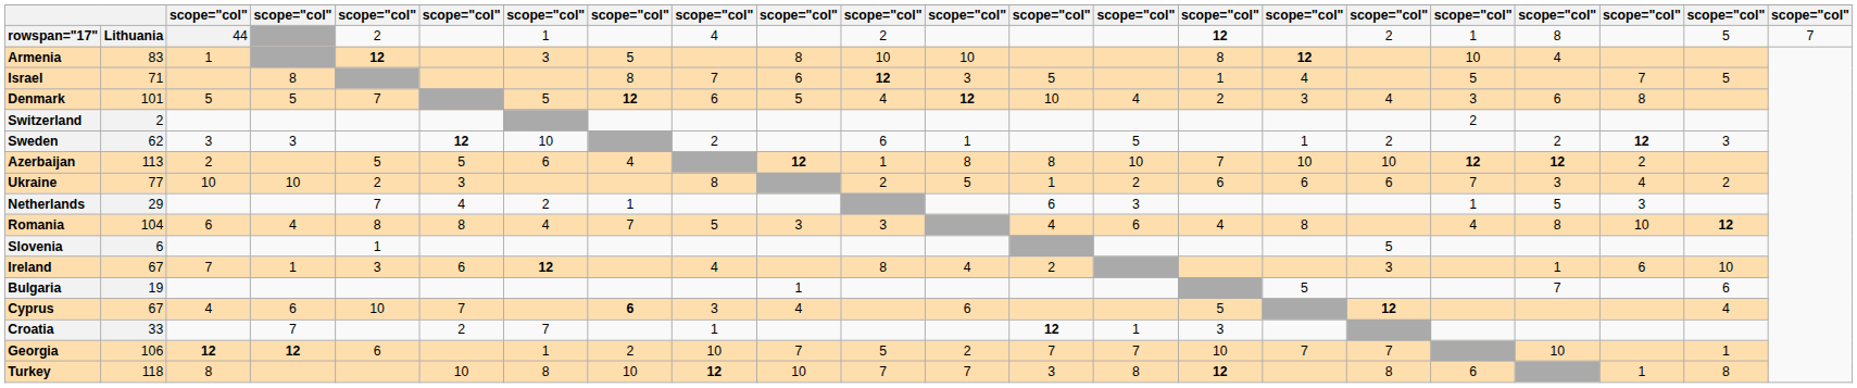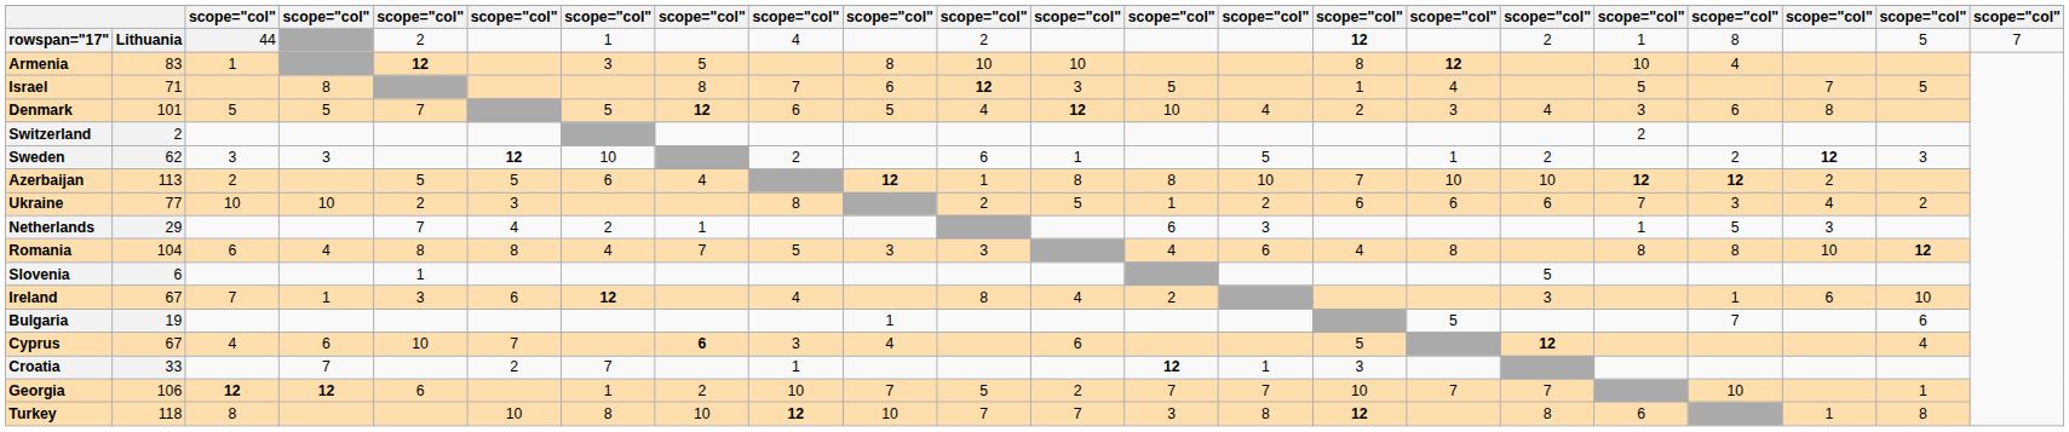 <table class="wikitable plainrowheaders" style="text-align:center; font-size:85%;">
 <tr>
 </tr>
 <tr>
 <th colspan="2"></th>
 <th>scope="col" </th>
 <th>scope="col" </th>
 <th>scope="col" </th>
 <th>scope="col" </th>
 <th>scope="col" </th>
 <th>scope="col" </th>
 <th>scope="col" </th>
 <th>scope="col" </th>
 <th>scope="col" </th>
 <th>scope="col" </th>
 <th>scope="col" </th>
 <th>scope="col" </th>
 <th>scope="col" </th>
 <th>scope="col" </th>
 <th>scope="col" </th>
 <th>scope="col" </th>
 <th>scope="col" </th>
 <th>scope="col" </th>
 <th>scope="col" </th>
 <th>scope="col" </th>
 </tr>
 <tr>
 <th>rowspan="17" </th>
 <th scope="row" style="text-align:left; background:#f2f2f2;">Lithuania</th>
 <td style="text-align:right; background:#f2f2f2;">44</td>
 <td style="text-align:left; background:#aaa;"></td>
 <td>2</td>
 <td></td>
 <td>1</td>
 <td></td>
 <td>4</td>
 <td></td>
 <td>2</td>
 <td></td>
 <td></td>
 <td></td>
 <td><strong>12</strong></td>
 <td></td>
 <td>2</td>
 <td>1</td>
 <td>8</td>
 <td></td>
 <td>5</td>
 <td>7</td>
 </tr>
 <tr style="background:#ffdead;">
 <th scope="row" style="text-align:left; font-weight:bold; background:#ffdead;">Armenia</th>
 <td style="text-align:right;">83</td>
 <td>1</td>
 <td style="text-align:left; background:#aaa;"></td>
 <td><strong>12</strong></td>
 <td></td>
 <td>3</td>
 <td>5</td>
 <td></td>
 <td>8</td>
 <td>10</td>
 <td>10</td>
 <td></td>
 <td></td>
 <td>8</td>
 <td><strong>12</strong></td>
 <td></td>
 <td>10</td>
 <td>4</td>
 <td></td>
 <td></td>
 </tr>
 <tr style="background:#ffdead;">
 <th scope="row" style="text-align:left; font-weight:bold; background:#ffdead;">Israel</th>
 <td style="text-align:right;">71</td>
 <td></td>
 <td>8</td>
 <td style="text-align:left; background:#aaa;"></td>
 <td></td>
 <td></td>
 <td>8</td>
 <td>7</td>
 <td>6</td>
 <td><strong>12</strong></td>
 <td>3</td>
 <td>5</td>
 <td></td>
 <td>1</td>
 <td>4</td>
 <td></td>
 <td>5</td>
 <td></td>
 <td>7</td>
 <td>5</td>
 </tr>
 <tr style="background:#ffdead;">
 <th scope="row" style="text-align:left; font-weight:bold; background:#ffdead;">Denmark</th>
 <td style="text-align:right;">101</td>
 <td>5</td>
 <td>5</td>
 <td>7</td>
 <td style="text-align:left; background:#aaa;"></td>
 <td>5</td>
 <td><strong>12</strong></td>
 <td>6</td>
 <td>5</td>
 <td>4</td>
 <td><strong>12</strong></td>
 <td>10</td>
 <td>4</td>
 <td>2</td>
 <td>3</td>
 <td>4</td>
 <td>3</td>
 <td>6</td>
 <td>8</td>
 <td></td>
 </tr>
 <tr>
 <th scope="row" style="text-align:left; background:#f2f2f2;">Switzerland</th>
 <td style="text-align:right; background:#f2f2f2;">2</td>
 <td></td>
 <td></td>
 <td></td>
 <td></td>
 <td style="text-align:left; background:#aaa;"></td>
 <td></td>
 <td></td>
 <td></td>
 <td></td>
 <td></td>
 <td></td>
 <td></td>
 <td></td>
 <td></td>
 <td></td>
 <td>2</td>
 <td></td>
 <td></td>
 <td></td>
 </tr>
 <tr>
 <th scope="row" style="text-align:left; background:#f2f2f2;">Sweden</th>
 <td style="text-align:right; background:#f2f2f2;">62</td>
 <td>3</td>
 <td>3</td>
 <td></td>
 <td><strong>12</strong></td>
 <td>10</td>
 <td style="text-align:left; background:#aaa;"></td>
 <td>2</td>
 <td></td>
 <td>6</td>
 <td>1</td>
 <td></td>
 <td>5</td>
 <td></td>
 <td>1</td>
 <td>2</td>
 <td></td>
 <td>2</td>
 <td><strong>12</strong></td>
 <td>3</td>
 </tr>
 <tr style="background:#ffdead;">
 <th scope="row" style="text-align:left; font-weight:bold; background:#ffdead;">Azerbaijan</th>
 <td style="text-align:right;">113</td>
 <td>2</td>
 <td></td>
 <td>5</td>
 <td>5</td>
 <td>6</td>
 <td>4</td>
 <td style="text-align:left; background:#aaa;"></td>
 <td><strong>12</strong></td>
 <td>1</td>
 <td>8</td>
 <td>8</td>
 <td>10</td>
 <td>7</td>
 <td>10</td>
 <td>10</td>
 <td><strong>12</strong></td>
 <td><strong>12</strong></td>
 <td>2</td>
 <td></td>
 </tr>
 <tr style="background:#ffdead;">
 <th scope="row" style="text-align:left; font-weight:bold; background:#ffdead;">Ukraine</th>
 <td style="text-align:right;">77</td>
 <td>10</td>
 <td>10</td>
 <td>2</td>
 <td>3</td>
 <td></td>
 <td></td>
 <td>8</td>
 <td style="text-align:left; background:#aaa;"></td>
 <td>2</td>
 <td>5</td>
 <td>1</td>
 <td>2</td>
 <td>6</td>
 <td>6</td>
 <td>6</td>
 <td>7</td>
 <td>3</td>
 <td>4</td>
 <td>2</td>
 </tr>
 <tr>
 <th scope="row" style="text-align:left; background:#f2f2f2;">Netherlands</th>
 <td style="text-align:right; background:#f2f2f2;">29</td>
 <td></td>
 <td></td>
 <td>7</td>
 <td>4</td>
 <td>2</td>
 <td>1</td>
 <td></td>
 <td></td>
 <td style="text-align:left; background:#aaa;"></td>
 <td></td>
 <td>6</td>
 <td>3</td>
 <td></td>
 <td></td>
 <td></td>
 <td>1</td>
 <td>5</td>
 <td>3</td>
 <td></td>
 </tr>
 <tr style="background:#ffdead;">
 <th scope="row" style="text-align:left; font-weight:bold; background:#ffdead;">Romania</th>
 <td style="text-align:right;">104</td>
 <td>6</td>
 <td>4</td>
 <td>8</td>
 <td>8</td>
 <td>4</td>
 <td>7</td>
 <td>5</td>
 <td>3</td>
 <td>3</td>
 <td style="text-align:left; background:#aaa;"></td>
 <td>4</td>
 <td>6</td>
 <td>4</td>
 <td>8</td>
 <td></td>
-<td>4</td>
+<td>8</td>
 <td>8</td>
 <td>10</td>
 <td><strong>12</strong></td>
 </tr>
 <tr>
 <th scope="row" style="text-align:left; background:#f2f2f2;">Slovenia</th>
 <td style="text-align:right; background:#f2f2f2;">6</td>
 <td></td>
 <td></td>
 <td>1</td>
 <td></td>
 <td></td>
 <td></td>
 <td></td>
 <td></td>
 <td></td>
 <td></td>
 <td style="text-align:left; background:#aaa;"></td>
 <td></td>
 <td></td>
 <td></td>
 <td>5</td>
 <td></td>
 <td></td>
 <td></td>
 <td></td>
 </tr>
 <tr style="background:#ffdead;">
 <th scope="row" style="text-align:left; font-weight:bold; background:#ffdead;">Ireland</th>
 <td style="text-align:right;">67</td>
 <td>7</td>
 <td>1</td>
 <td>3</td>
 <td>6</td>
 <td><strong>12</strong></td>
 <td></td>
 <td>4</td>
 <td></td>
 <td>8</td>
 <td>4</td>
 <td>2</td>
 <td style="text-align:left; background:#aaa;"></td>
 <td></td>
 <td></td>
 <td>3</td>
 <td></td>
 <td>1</td>
 <td>6</td>
 <td>10</td>
 </tr>
 <tr>
 <th scope="row" style="text-align:left; background:#f2f2f2;">Bulgaria</th>
 <td style="text-align:right; background:#f2f2f2;">19</td>
 <td></td>
 <td></td>
 <td></td>
 <td></td>
 <td></td>
 <td></td>
 <td></td>
 <td>1</td>
 <td></td>
 <td></td>
 <td></td>
 <td></td>
 <td style="text-align:left; background:#aaa;"></td>
 <td>5</td>
 <td></td>
 <td></td>
 <td>7</td>
 <td></td>
 <td>6</td>
 </tr>
 <tr style="background:#ffdead;">
 <th scope="row" style="text-align:left; font-weight:bold; background:#ffdead;">Cyprus</th>
 <td style="text-align:right;">67</td>
 <td>4</td>
 <td>6</td>
 <td>10</td>
 <td>7</td>
 <td></td>
 <td><strong>6</strong></td>
 <td>3</td>
 <td>4</td>
 <td></td>
 <td>6</td>
 <td></td>
 <td></td>
 <td>5</td>
 <td style="text-align:left; background:#aaa;"></td>
 <td><strong>12</strong></td>
 <td></td>
 <td></td>
 <td></td>
 <td>4</td>
 </tr>
 <tr>
 <th scope="row" style="text-align:left; background:#f2f2f2;">Croatia</th>
 <td style="text-align:right; background:#f2f2f2;">33</td>
 <td></td>
 <td>7</td>
 <td></td>
 <td>2</td>
 <td>7</td>
 <td></td>
 <td>1</td>
 <td></td>
 <td></td>
 <td></td>
 <td><strong>12</strong></td>
 <td>1</td>
 <td>3</td>
 <td></td>
 <td style="text-align:left; background:#aaa;"></td>
 <td></td>
 <td></td>
 <td></td>
 <td></td>
 </tr>
 <tr style="background:#ffdead;">
 <th scope="row" style="text-align:left; font-weight:bold; background:#ffdead;">Georgia</th>
 <td style="text-align:right;">106</td>
 <td><strong>12</strong></td>
 <td><strong>12</strong></td>
 <td>6</td>
 <td></td>
 <td>1</td>
 <td>2</td>
 <td>10</td>
 <td>7</td>
 <td>5</td>
 <td>2</td>
 <td>7</td>
 <td>7</td>
 <td>10</td>
 <td>7</td>
 <td>7</td>
 <td style="text-align:left; background:#aaa;"></td>
 <td>10</td>
 <td></td>
 <td>1</td>
 </tr>
 <tr style="background:#ffdead;">
 <th scope="row" style="text-align:left; font-weight:bold; background:#ffdead;">Turkey</th>
 <td style="text-align:right;">118</td>
 <td>8</td>
 <td></td>
 <td></td>
 <td>10</td>
 <td>8</td>
 <td>10</td>
 <td><strong>12</strong></td>
 <td>10</td>
 <td>7</td>
 <td>7</td>
 <td>3</td>
 <td>8</td>
 <td><strong>12</strong></td>
 <td></td>
 <td>8</td>
 <td>6</td>
 <td style="text-align:left; background:#aaa;"></td>
 <td>1</td>
 <td>8</td>
 </tr>
 </table>
